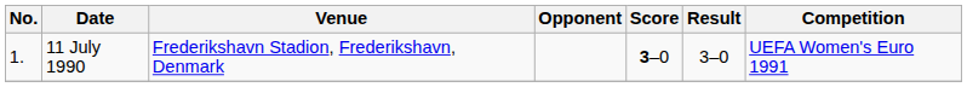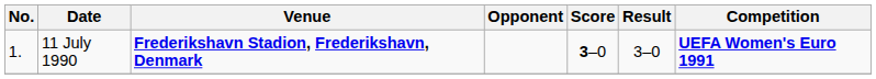 <table class="wikitable">
 <tr>
 <th>No.</th>
 <th>Date</th>
 <th>Venue</th>
 <th>Opponent</th>
 <th>Score</th>
 <th>Result</th>
 <th>Competition</th>
 </tr>
 <tr>
 <td>1.</td>
 <td>11 July 1990</td>
-<td><a href='#'>Frederikshavn Stadion</a>, <a href='#'>Frederikshavn</a>, <a href='#'>Denmark</a></td>
+<td><strong><a href='#'>Frederikshavn Stadion</a>, <a href='#'>Frederikshavn</a>, <a href='#'>Denmark</a></strong></td>
 <td></td>
 <td align=center><strong>3</strong>–0</td>
 <td align=center>3–0</td>
-<td><a href='#'>UEFA Women's Euro 1991</a></td>
+<td><strong><a href='#'>UEFA Women's Euro 1991</a></strong></td>
 </tr>
 <tr>
 </tr>
 </table>
